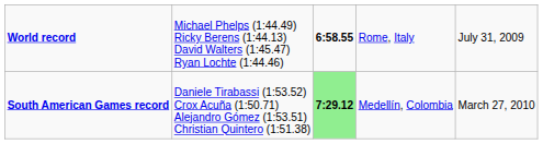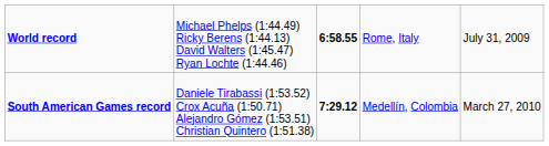 <table class="wikitable">
 <tr>
 <td><strong><a href='#'>World record</a></strong></td>
 <td><br><a href='#'>Michael Phelps</a> (1:44.49)<br><a href='#'>Ricky Berens</a> (1:44.13)<br><a href='#'>David Walters</a> (1:45.47)<br><a href='#'>Ryan Lochte</a> (1:44.46)</td>
 <td><strong>6:58.55</strong></td>
 <td><a href='#'>Rome</a>, <a href='#'>Italy</a></td>
 <td>July 31, 2009</td>
 </tr>
 <tr>
 <td><strong><a href='#'>South American Games record</a></strong></td>
 <td><br><a href='#'>Daniele Tirabassi</a> (1:53.52)<br><a href='#'>Crox Acuña</a> (1:50.71)<br><a href='#'>Alejandro Gómez</a> (1:53.51)<br><a href='#'>Christian Quintero</a> (1:51.38)</td>
-<td style="background: lightgreen;"><strong>7:29.12</strong></td>
+<td><strong>7:29.12</strong></td>
 <td><a href='#'>Medellín</a>, <a href='#'>Colombia</a></td>
 <td>March 27, 2010</td>
 </tr>
 </table>
